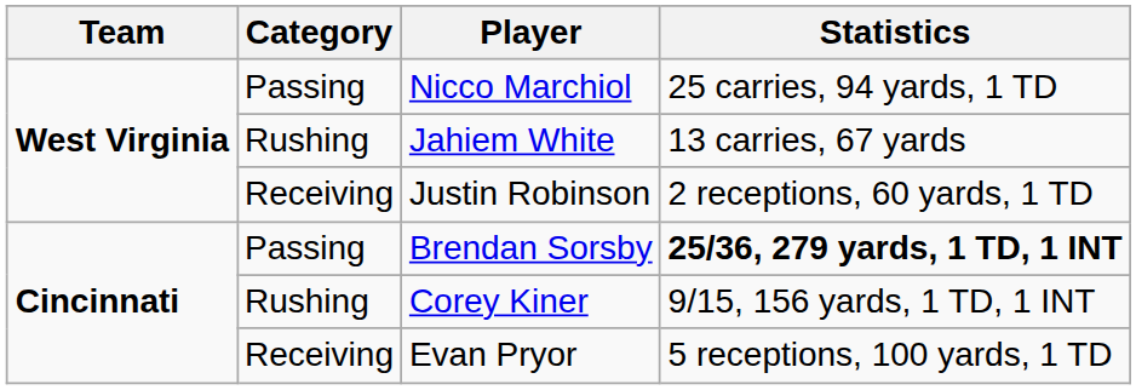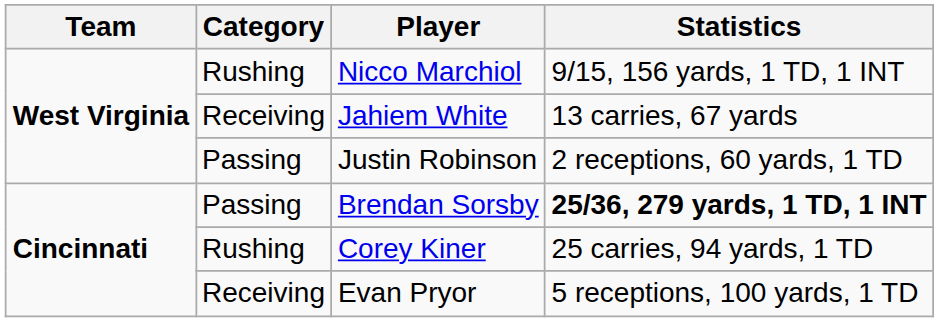 <table class="wikitable" style="float: right;">
 <tr>
 <th>Team</th>
 <th>Category</th>
 <th>Player</th>
 <th>Statistics</th>
 </tr>
 <tr>
 <td rowspan=3><strong>West Virginia</strong></td>
-<td>Passing</td>
+<td>Rushing</td>
 <td><a href='#'>Nicco Marchiol</a></td>
-<td>25 carries, 94 yards, 1 TD</td>
+<td>9/15, 156 yards, 1 TD, 1 INT</td>
 </tr>
 <tr>
-<td>Rushing</td>
+<td>Receiving</td>
 <td><a href='#'>Jahiem White</a></td>
 <td>13 carries, 67 yards</td>
 </tr>
 <tr>
-<td>Receiving</td>
+<td>Passing</td>
 <td>Justin Robinson</td>
 <td>2 receptions, 60 yards, 1 TD</td>
 </tr>
 <tr>
 <td rowspan=3><strong>Cincinnati</strong></td>
 <td>Passing</td>
 <td><a href='#'>Brendan Sorsby</a></td>
 <td><strong>25/36, 279 yards, 1 TD, 1 INT</strong></td>
 </tr>
 <tr>
 <td>Rushing</td>
 <td><a href='#'>Corey Kiner</a></td>
-<td>9/15, 156 yards, 1 TD, 1 INT</td>
+<td>25 carries, 94 yards, 1 TD</td>
 </tr>
 <tr>
 <td>Receiving</td>
 <td>Evan Pryor</td>
 <td>5 receptions, 100 yards, 1 TD</td>
 </tr>
 </table>
